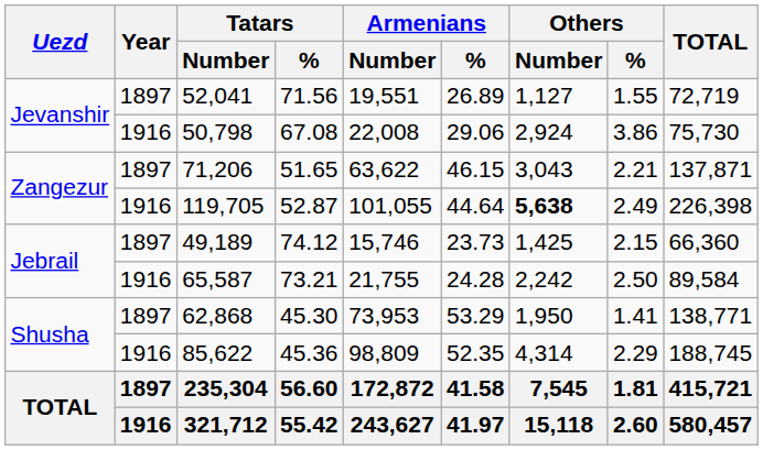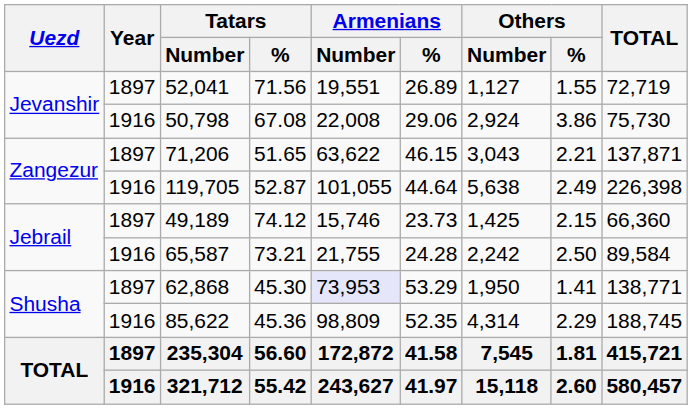 <table class="wikitable sortable">
 <tr>
 <th rowspan="2"><em><a href='#'>Uezd</a></em></th>
 <th rowspan="2">Year</th>
 <th colspan="2">Tatars</th>
 <th colspan="2"><a href='#'>Armenians</a></th>
 <th colspan="2">Others</th>
 <th rowspan="2">TOTAL</th>
 </tr>
 <tr>
 <th>Number</th>
 <th>%</th>
 <th>Number</th>
 <th>%</th>
 <th>Number</th>
 <th>%</th>
 </tr>
 <tr>
 <td rowspan="2"><a href='#'>Jevanshir</a></td>
 <td>1897</td>
 <td>52,041</td>
 <td>71.56</td>
 <td>19,551</td>
 <td>26.89</td>
 <td>1,127</td>
 <td>1.55</td>
 <td>72,719</td>
 </tr>
 <tr>
 <td>1916</td>
 <td>50,798</td>
 <td>67.08</td>
 <td>22,008</td>
 <td>29.06</td>
 <td>2,924</td>
 <td>3.86</td>
 <td>75,730</td>
 </tr>
 <tr>
 <td rowspan="2"><a href='#'>Zangezur</a></td>
 <td>1897</td>
 <td>71,206</td>
 <td>51.65</td>
 <td>63,622</td>
 <td>46.15</td>
 <td>3,043</td>
 <td>2.21</td>
 <td>137,871</td>
 </tr>
 <tr>
 <td>1916</td>
 <td>119,705</td>
 <td>52.87</td>
 <td>101,055</td>
 <td>44.64</td>
-<td><strong>5,638</strong></td>
+<td>5,638</td>
 <td>2.49</td>
 <td>226,398</td>
 </tr>
 <tr>
 <td rowspan="2"><a href='#'>Jebrail</a></td>
 <td>1897</td>
 <td>49,189</td>
 <td>74.12</td>
 <td>15,746</td>
 <td>23.73</td>
 <td>1,425</td>
 <td>2.15</td>
 <td>66,360</td>
 </tr>
 <tr>
 <td>1916</td>
 <td>65,587</td>
 <td>73.21</td>
 <td>21,755</td>
 <td>24.28</td>
 <td>2,242</td>
 <td>2.50</td>
 <td>89,584</td>
 </tr>
 <tr>
 <td rowspan="2"><a href='#'>Shusha</a></td>
 <td>1897</td>
 <td>62,868</td>
 <td>45.30</td>
-<td>73,953</td>
+<td style="background: lavender;">73,953</td>
 <td>53.29</td>
 <td>1,950</td>
 <td>1.41</td>
 <td>138,771</td>
 </tr>
 <tr>
 <td>1916</td>
 <td>85,622</td>
 <td>45.36</td>
 <td>98,809</td>
 <td>52.35</td>
 <td>4,314</td>
 <td>2.29</td>
 <td>188,745</td>
 </tr>
 <tr>
 <th rowspan="2">TOTAL</th>
 <th>1897</th>
 <th>235,304</th>
 <th>56.60</th>
 <th>172,872</th>
 <th>41.58</th>
 <th>7,545</th>
 <th>1.81</th>
 <th>415,721</th>
 </tr>
 <tr>
 <th>1916</th>
 <th>321,712</th>
 <th>55.42</th>
 <th>243,627</th>
 <th>41.97</th>
 <th>15,118</th>
 <th>2.60</th>
 <th>580,457</th>
 </tr>
 </table>
